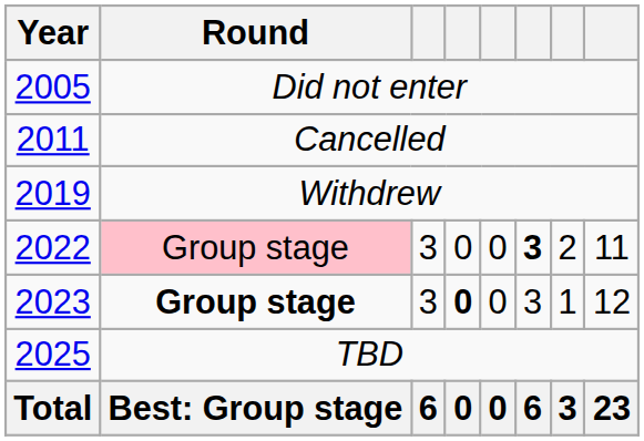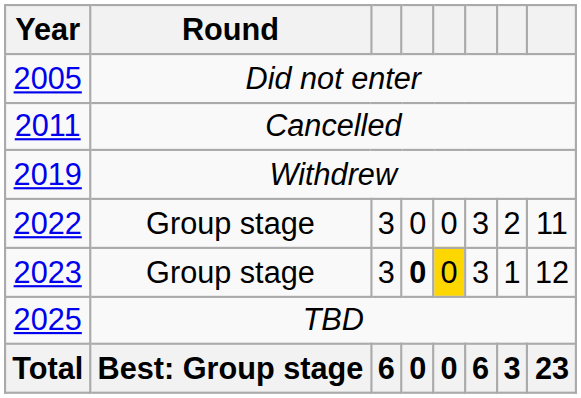 <table class="wikitable" style="text-align: center; font-size:90%;">
 <tr>
 <th>Year</th>
 <th>Round</th>
 <th></th>
 <th></th>
 <th></th>
 <th></th>
 <th></th>
 <th></th>
 </tr>
 <tr>
 <td> <a href='#'>2005</a></td>
 <td colspan=7><em>Did not enter</em></td>
 </tr>
 <tr>
 <td> <a href='#'>2011</a></td>
 <td colspan=7><em>Cancelled</em></td>
 </tr>
 <tr>
 <td> <a href='#'>2019</a></td>
 <td colspan=7><em>Withdrew</em></td>
 </tr>
 <tr>
 <td> <a href='#'>2022</a></td>
-<td style="background: pink;">Group stage</td>
+<td>Group stage</td>
 <td>3</td>
 <td>0</td>
 <td>0</td>
-<td><strong>3</strong></td>
+<td>3</td>
 <td>2</td>
 <td>11</td>
 </tr>
 <tr>
 <td> <a href='#'>2023</a></td>
-<td><strong>Group stage</strong></td>
+<td>Group stage</td>
 <td>3</td>
 <td><strong>0</strong></td>
-<td>0</td>
+<td style="background: gold;">0</td>
 <td>3</td>
 <td>1</td>
 <td>12</td>
 </tr>
 <tr>
 <td> <a href='#'>2025</a></td>
 <td colspan=7><em>TBD</em></td>
 </tr>
 <tr>
 <th>Total</th>
 <th>Best: Group stage</th>
 <th>6</th>
 <th>0</th>
 <th>0</th>
 <th>6</th>
 <th>3</th>
 <th>23</th>
 </tr>
 </table>
